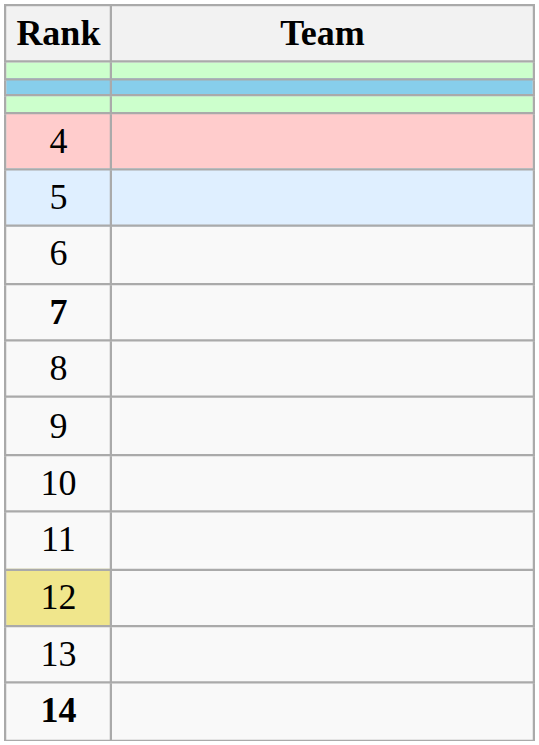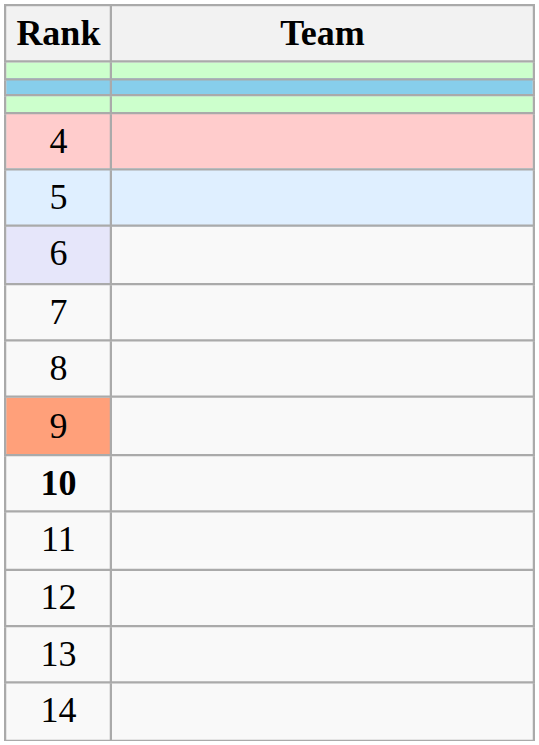 <table class="wikitable" style="text-align: center;">
 <tr>
 <th width=40>Rank</th>
 <th width=180>Team</th>
 </tr>
 <tr bgcolor=#CCFFCC>
 <td></td>
 <td align="left"></td>
 </tr>
 <tr bgcolor=#87ceeb>
 <td></td>
 <td align="left"></td>
 </tr>
 <tr bgcolor=#CCFFCC>
 <td></td>
 <td align="left"></td>
 </tr>
 <tr bgcolor=#ffcccc>
 <td>4</td>
 <td align="left"></td>
 </tr>
 <tr bgcolor=#dfefff>
 <td>5</td>
 <td align="left"></td>
 </tr>
 <tr>
-<td>6</td>
+<td style="background: lavender;">6</td>
 <td align="left"></td>
 </tr>
 <tr>
-<td><strong>7</strong></td>
+<td>7</td>
 <td align="left"></td>
 </tr>
 <tr>
 <td>8</td>
 <td align="left"></td>
 </tr>
 <tr>
-<td>9</td>
+<td style="background: lightsalmon;">9</td>
 <td align="left"></td>
 </tr>
 <tr>
-<td>10</td>
+<td><strong>10</strong></td>
 <td align="left"></td>
 </tr>
 <tr>
 <td>11</td>
 <td align="left"></td>
 </tr>
 <tr>
-<td style="background: khaki;">12</td>
+<td>12</td>
 <td align="left"></td>
 </tr>
 <tr>
 <td>13</td>
 <td align="left"></td>
 </tr>
 <tr>
-<td><strong>14</strong></td>
+<td>14</td>
 <td align="left"></td>
 </tr>
 </table>
